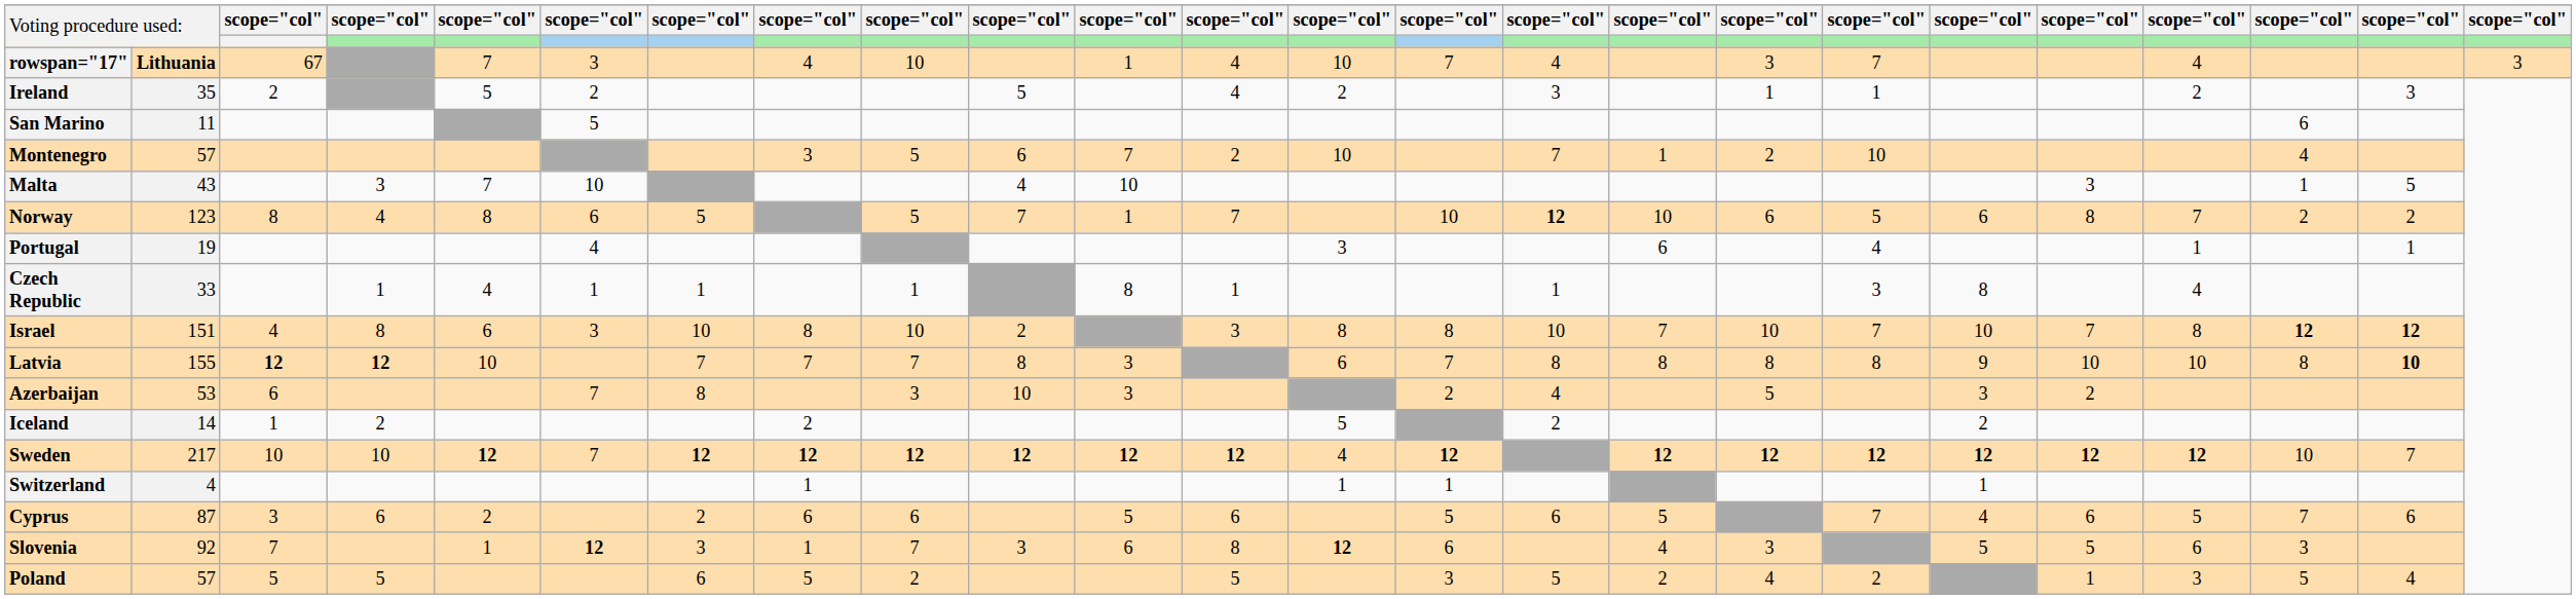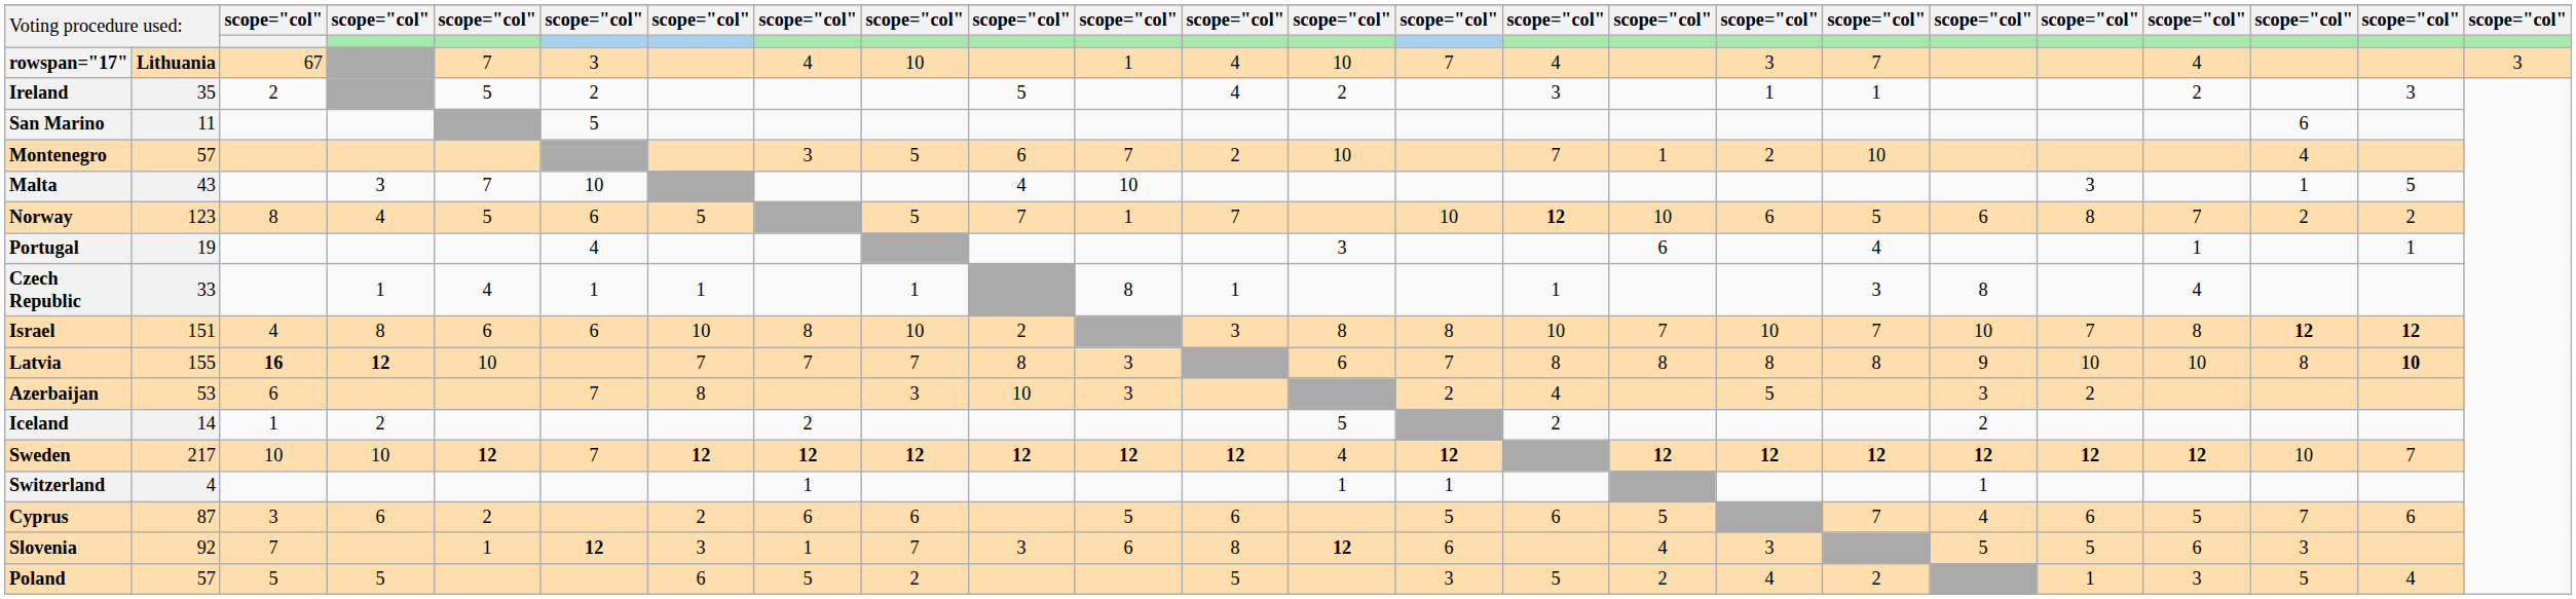 <table class="wikitable plainrowheaders" style="text-align:center; font-size:85%;">
 <tr>
 </tr>
 <tr>
 <td colspan="2" rowspan="2" style="text-align:left; background:#F2F2F2">Voting procedure used:<br></td>
 <th>scope="col" </th>
 <th>scope="col" </th>
 <th>scope="col" </th>
 <th>scope="col" </th>
 <th>scope="col" </th>
 <th>scope="col" </th>
 <th>scope="col" </th>
 <th>scope="col" </th>
 <th>scope="col" </th>
 <th>scope="col" </th>
 <th>scope="col" </th>
 <th>scope="col" </th>
 <th>scope="col" </th>
 <th>scope="col" </th>
 <th>scope="col" </th>
 <th>scope="col" </th>
 <th>scope="col" </th>
 <th>scope="col" </th>
 <th>scope="col" </th>
 <th>scope="col" </th>
 <th>scope="col" </th>
 <th>scope="col" </th>
 </tr>
 <tr>
 <th style="height:2px; border-top:1px solid transparent;"></th>
 <th style="background:#A4EAA9;"></th>
 <th style="background:#A4EAA9;"></th>
 <th style="background:#A4D1EF;"></th>
 <th style="background:#A4D1EF;"></th>
 <th style="background:#A4EAA9;"></th>
 <th style="background:#A4EAA9;"></th>
 <th style="background:#A4EAA9;"></th>
 <th style="background:#A4EAA9;"></th>
 <th style="background:#A4EAA9;"></th>
 <th style="background:#A4EAA9;"></th>
 <th style="background:#A4D1EF;"></th>
 <th style="background:#A4EAA9;"></th>
 <th style="background:#A4EAA9;"></th>
 <th style="background:#A4EAA9;"></th>
 <th style="background:#A4EAA9;"></th>
 <th style="background:#A4EAA9;"></th>
 <th style="background:#A4EAA9;"></th>
 <th style="background:#A4EAA9;"></th>
 <th style="background:#A4EAA9;"></th>
 <th style="background:#A4EAA9;"></th>
 <th style="background:#A4EAA9;"></th>
 </tr>
 <tr style="background:#ffdead;">
 <th>rowspan="17" </th>
 <th scope="row" style="text-align:left; font-weight:bold; background:#ffdead;">Lithuania</th>
 <td style="text-align:right;">67</td>
 <td style="text-align:left; background:#AAAAAA;"></td>
 <td>7</td>
 <td>3</td>
 <td></td>
 <td>4</td>
 <td>10</td>
 <td></td>
 <td>1</td>
 <td>4</td>
 <td>10</td>
 <td>7</td>
 <td>4</td>
 <td></td>
 <td>3</td>
 <td>7</td>
 <td></td>
 <td></td>
 <td>4</td>
 <td></td>
 <td></td>
 <td>3</td>
 </tr>
 <tr>
 <th scope="row" style="text-align:left; background:#f2f2f2;">Ireland</th>
 <td style="text-align:right; background:#f2f2f2;">35</td>
 <td>2</td>
 <td style="text-align:left; background:#AAAAAA;"></td>
 <td>5</td>
 <td>2</td>
 <td></td>
 <td></td>
 <td></td>
 <td>5</td>
 <td></td>
 <td>4</td>
 <td>2</td>
 <td></td>
 <td>3</td>
 <td></td>
 <td>1</td>
 <td>1</td>
 <td></td>
 <td></td>
 <td>2</td>
 <td></td>
 <td>3</td>
 </tr>
 <tr>
 <th scope="row" style="text-align:left; background:#f2f2f2;">San Marino</th>
 <td style="text-align:right; background:#f2f2f2;">11</td>
 <td></td>
 <td></td>
 <td style="text-align:left; background:#AAAAAA;"></td>
 <td>5</td>
 <td></td>
 <td></td>
 <td></td>
 <td></td>
 <td></td>
 <td></td>
 <td></td>
 <td></td>
 <td></td>
 <td></td>
 <td></td>
 <td></td>
 <td></td>
 <td></td>
 <td></td>
 <td>6</td>
 <td></td>
 </tr>
 <tr style="background:#ffdead;">
 <th scope="row" style="text-align:left; font-weight:bold; background:#ffdead;">Montenegro</th>
 <td style="text-align:right;">57</td>
 <td></td>
 <td></td>
 <td></td>
 <td style="text-align:left; background:#AAAAAA;"></td>
 <td></td>
 <td>3</td>
 <td>5</td>
 <td>6</td>
 <td>7</td>
 <td>2</td>
 <td>10</td>
 <td></td>
 <td>7</td>
 <td>1</td>
 <td>2</td>
 <td>10</td>
 <td></td>
 <td></td>
 <td></td>
 <td>4</td>
 <td></td>
 </tr>
 <tr>
 <th scope="row" style="text-align:left; background:#f2f2f2;">Malta</th>
 <td style="text-align:right; background:#f2f2f2;">43</td>
 <td></td>
 <td>3</td>
 <td>7</td>
 <td>10</td>
 <td style="text-align:left; background:#AAAAAA;"></td>
 <td></td>
 <td></td>
 <td>4</td>
 <td>10</td>
 <td></td>
 <td></td>
 <td></td>
 <td></td>
 <td></td>
 <td></td>
 <td></td>
 <td></td>
 <td>3</td>
 <td></td>
 <td>1</td>
 <td>5</td>
 </tr>
 <tr style="background:#ffdead;">
 <th scope="row" style="text-align:left; font-weight:bold; background:#ffdead;">Norway</th>
 <td style="text-align:right;">123</td>
 <td>8</td>
 <td>4</td>
-<td>8</td>
+<td>5</td>
 <td>6</td>
 <td>5</td>
 <td style="text-align:left; background:#AAAAAA;"></td>
 <td>5</td>
 <td>7</td>
 <td>1</td>
 <td>7</td>
 <td></td>
 <td>10</td>
 <td><strong>12</strong></td>
 <td>10</td>
 <td>6</td>
 <td>5</td>
 <td>6</td>
 <td>8</td>
 <td>7</td>
 <td>2</td>
 <td>2</td>
 </tr>
 <tr>
 <th scope="row" style="text-align:left; background:#f2f2f2;">Portugal</th>
 <td style="text-align:right; background:#f2f2f2;">19</td>
 <td></td>
 <td></td>
 <td></td>
 <td>4</td>
 <td></td>
 <td></td>
 <td style="text-align:left; background:#AAAAAA;"></td>
 <td></td>
 <td></td>
 <td></td>
 <td>3</td>
 <td></td>
 <td></td>
 <td>6</td>
 <td></td>
 <td>4</td>
 <td></td>
 <td></td>
 <td>1</td>
 <td></td>
 <td>1</td>
 </tr>
 <tr>
 <th scope="row" style="text-align:left; background:#f2f2f2;">Czech Republic</th>
 <td style="text-align:right; background:#f2f2f2;">33</td>
 <td></td>
 <td>1</td>
 <td>4</td>
 <td>1</td>
 <td>1</td>
 <td></td>
 <td>1</td>
 <td style="text-align:left; background:#AAAAAA;"></td>
 <td>8</td>
 <td>1</td>
 <td></td>
 <td></td>
 <td>1</td>
 <td></td>
 <td></td>
 <td>3</td>
 <td>8</td>
 <td></td>
 <td>4</td>
 <td></td>
 <td></td>
 </tr>
 <tr style="background:#ffdead;">
 <th scope="row" style="text-align:left; font-weight:bold; background:#ffdead;">Israel</th>
 <td style="text-align:right;">151</td>
 <td>4</td>
 <td>8</td>
 <td>6</td>
-<td>3</td>
+<td>6</td>
 <td>10</td>
 <td>8</td>
 <td>10</td>
 <td>2</td>
 <td style="text-align:left; background:#AAAAAA;"></td>
 <td>3</td>
 <td>8</td>
 <td>8</td>
 <td>10</td>
 <td>7</td>
 <td>10</td>
 <td>7</td>
 <td>10</td>
 <td>7</td>
 <td>8</td>
 <td><strong>12</strong></td>
 <td><strong>12</strong></td>
 </tr>
 <tr style="background:#ffdead;">
 <th scope="row" style="text-align:left; font-weight:bold; background:#ffdead;">Latvia</th>
 <td style="text-align:right;">155</td>
-<td><strong>12</strong></td>
+<td><strong>16</strong></td>
 <td><strong>12</strong></td>
 <td>10</td>
 <td></td>
 <td>7</td>
 <td>7</td>
 <td>7</td>
 <td>8</td>
 <td>3</td>
 <td style="text-align:left; background:#AAAAAA;"></td>
 <td>6</td>
 <td>7</td>
 <td>8</td>
 <td>8</td>
 <td>8</td>
 <td>8</td>
 <td>9</td>
 <td>10</td>
 <td>10</td>
 <td>8</td>
 <td><strong>10</strong></td>
 </tr>
 <tr style="background:#ffdead;">
 <th scope="row" style="text-align:left; font-weight:bold; background:#ffdead;">Azerbaijan</th>
 <td style="text-align:right;">53</td>
 <td>6</td>
 <td></td>
 <td></td>
 <td>7</td>
 <td>8</td>
 <td></td>
 <td>3</td>
 <td>10</td>
 <td>3</td>
 <td></td>
 <td style="text-align:left; background:#AAAAAA;"></td>
 <td>2</td>
 <td>4</td>
 <td></td>
 <td>5</td>
 <td></td>
 <td>3</td>
 <td>2</td>
 <td></td>
 <td></td>
 <td></td>
 </tr>
 <tr>
 <th scope="row" style="text-align:left; background:#f2f2f2;">Iceland</th>
 <td style="text-align:right; background:#f2f2f2;">14</td>
 <td>1</td>
 <td>2</td>
 <td></td>
 <td></td>
 <td></td>
 <td>2</td>
 <td></td>
 <td></td>
 <td></td>
 <td></td>
 <td>5</td>
 <td style="text-align:left; background:#AAAAAA;"></td>
 <td>2</td>
 <td></td>
 <td></td>
 <td></td>
 <td>2</td>
 <td></td>
 <td></td>
 <td></td>
 <td></td>
 </tr>
 <tr style="background:#ffdead;">
 <th scope="row" style="text-align:left; font-weight:bold; background:#ffdead;">Sweden</th>
 <td style="text-align:right;">217</td>
 <td>10</td>
 <td>10</td>
 <td><strong>12</strong></td>
 <td>7</td>
 <td><strong>12</strong></td>
 <td><strong>12</strong></td>
 <td><strong>12</strong></td>
 <td><strong>12</strong></td>
 <td><strong>12</strong></td>
 <td><strong>12</strong></td>
 <td>4</td>
 <td><strong>12</strong></td>
 <td style="text-align:left; background:#AAAAAA;"></td>
 <td><strong>12</strong></td>
 <td><strong>12</strong></td>
 <td><strong>12</strong></td>
 <td><strong>12</strong></td>
 <td><strong>12</strong></td>
 <td><strong>12</strong></td>
 <td>10</td>
 <td>7</td>
 </tr>
 <tr>
 <th scope="row" style="text-align:left; background:#f2f2f2;">Switzerland</th>
 <td style="text-align:right; background:#f2f2f2;">4</td>
 <td></td>
 <td></td>
 <td></td>
 <td></td>
 <td></td>
 <td>1</td>
 <td></td>
 <td></td>
 <td></td>
 <td></td>
 <td>1</td>
 <td>1</td>
 <td></td>
 <td style="text-align:left; background:#AAAAAA;"></td>
 <td></td>
 <td></td>
 <td>1</td>
 <td></td>
 <td></td>
 <td></td>
 <td></td>
 </tr>
 <tr style="background:#ffdead;">
 <th scope="row" style="text-align:left; font-weight:bold; background:#ffdead;">Cyprus</th>
 <td style="text-align:right;">87</td>
 <td>3</td>
 <td>6</td>
 <td>2</td>
 <td></td>
 <td>2</td>
 <td>6</td>
 <td>6</td>
 <td></td>
 <td>5</td>
 <td>6</td>
 <td></td>
 <td>5</td>
 <td>6</td>
 <td>5</td>
 <td style="text-align:left; background:#AAAAAA;"></td>
 <td>7</td>
 <td>4</td>
 <td>6</td>
 <td>5</td>
 <td>7</td>
 <td>6</td>
 </tr>
 <tr style="background:#ffdead;">
 <th scope="row" style="text-align:left; font-weight:bold; background:#ffdead;">Slovenia</th>
 <td style="text-align:right;">92</td>
 <td>7</td>
 <td></td>
 <td>1</td>
 <td><strong>12</strong></td>
 <td>3</td>
 <td>1</td>
 <td>7</td>
 <td>3</td>
 <td>6</td>
 <td>8</td>
 <td><strong>12</strong></td>
 <td>6</td>
 <td></td>
 <td>4</td>
 <td>3</td>
 <td style="text-align:left; background:#AAAAAA;"></td>
 <td>5</td>
 <td>5</td>
 <td>6</td>
 <td>3</td>
 <td></td>
 </tr>
 <tr style="background:#ffdead;">
 <th scope="row" style="text-align:left; font-weight:bold; background:#ffdead;">Poland</th>
 <td style="text-align:right;">57</td>
 <td>5</td>
 <td>5</td>
 <td></td>
 <td></td>
 <td>6</td>
 <td>5</td>
 <td>2</td>
 <td></td>
 <td></td>
 <td>5</td>
 <td></td>
 <td>3</td>
 <td>5</td>
 <td>2</td>
 <td>4</td>
 <td>2</td>
 <td style="text-align:left; background:#AAAAAA;"></td>
 <td>1</td>
 <td>3</td>
 <td>5</td>
 <td>4</td>
 </tr>
 </table>
